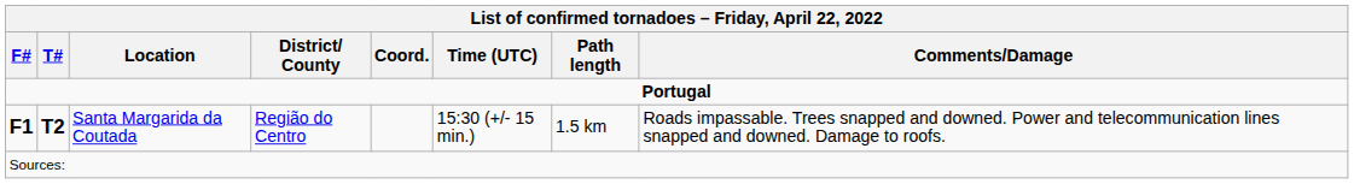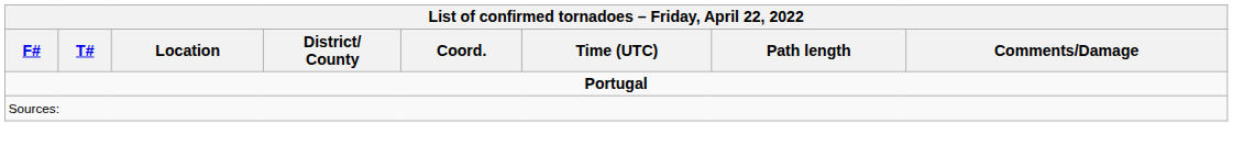 <table class="wikitable collapsible" width="100%">
 <tr>
 <th colspan="8">List of confirmed tornadoes – Friday, April 22, 2022</th>
 </tr>
 <tr>
 <th><a href='#'>F#</a></th>
 <th><a href='#'>T#</a></th>
 <th>Location</th>
 <th>District/<br>County</th>
 <th>Coord.</th>
 <th>Time (UTC)</th>
 <th>Path length</th>
 <th>Comments/Damage</th>
 </tr>
 <tr>
 <td colspan="8" align=center><strong>Portugal</strong></td>
 </tr>
 <tr>
-<td><big><strong>F1</strong></big></td>
-<td><big><strong>T2</strong></big></td>
-<td><a href='#'>Santa Margarida da Coutada</a></td>
-<td><a href='#'>Região do Centro</a></td>
-<td></td>
-<td>15:30 (+/- 15 min.)</td>
-<td>1.5 km</td>
-<td>Roads impassable. Trees snapped and downed. Power and telecommunication lines snapped and downed. Damage to roofs.</td>
-</tr>
-<tr>
 <td colspan="8"><small>Sources:  </small></td>
 </tr>
 </table>
